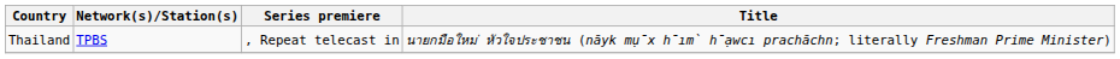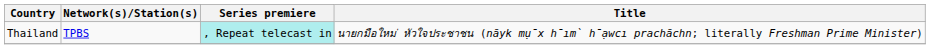 <table class="sortable wikitable">
 <tr>
 <th>Country</th>
 <th>Network(s)/Station(s)</th>
 <th>Series premiere</th>
 <th>Title</th>
 </tr>
 <tr>
 <td>Thailand</td>
 <td><a href='#'>TPBS</a></td>
-<td>, Repeat telecast in </td>
+<td style="background: paleturquoise;">, Repeat telecast in </td>
 <td><em>นายกมือใหม่ หัวใจประชาชน</em> (<em>nāyk mụ̄x h̄ım̀ h̄ạwcı prachāchn</em>; literally <em>Freshman Prime Minister</em>)</td>
 </tr>
 <tr>
 </tr>
 </table>
